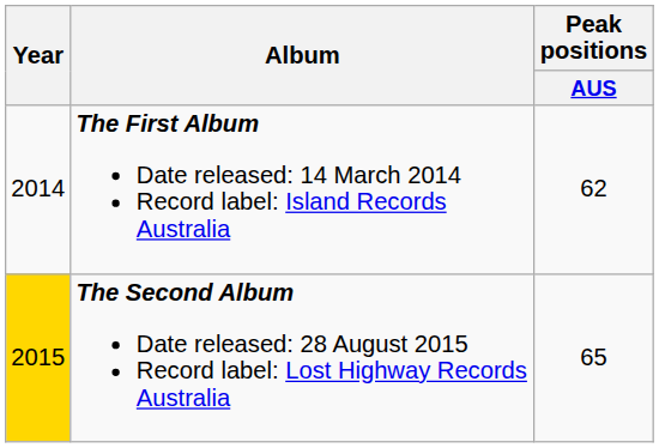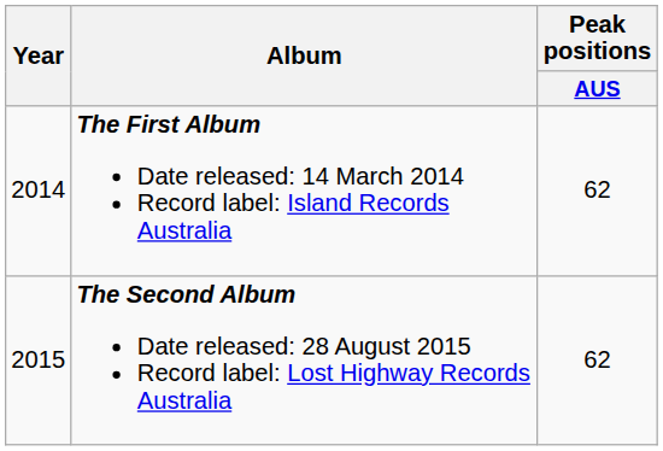 <table class="wikitable">
 <tr>
 <th align="center" rowspan="2" width="10">Year</th>
 <th align="center" rowspan="2" width="300">Album</th>
 <th align="center" colspan="1" width="20">Peak positions</th>
 </tr>
 <tr>
 <th scope="col" style="width:3em;font-size:90%;"><a href='#'>AUS</a><br></th>
 </tr>
 <tr>
 <td style="text-align:center;">2014</td>
 <td><strong><em>The First Album</em></strong><br><ul><li>Date released: 14 March 2014</li><li>Record label: <a href='#'>Island Records Australia</a></li></ul></td>
 <td style="text-align:center;">62</td>
 </tr>
 <tr>
-<td style="background: gold; text-align:center;">2015</td>
+<td style="text-align:center;">2015</td>
 <td><strong><em>The Second Album</em></strong><br><ul><li>Date released: 28 August 2015</li><li>Record label: <a href='#'>Lost Highway Records Australia</a></li></ul></td>
-<td style="text-align:center;">65</td>
+<td style="text-align:center;">62</td>
 </tr>
 </table>
